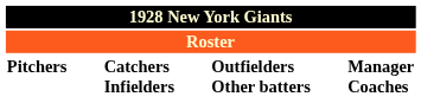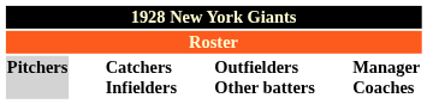 <table class="toccolours" style="font-size: 95%;">
 <tr>
 <th colspan="10" style="background-color: black; color: #FFFDD0; text-align: center;">1928 New York Giants</th>
 </tr>
 <tr>
 <td colspan="10" style="background-color: #fd5a1e; color: #FFFDD0; text-align: center;"><strong>Roster</strong></td>
 </tr>
 <tr>
-<td valign="top"><strong>Pitchers</strong><br>                  </td>
+<td valign="top" style="background: lightgrey;"><strong>Pitchers</strong><br>                  </td>
 <td width="25px"></td>
 <td valign="top"><strong>Catchers</strong><br>     <strong>Infielders</strong>       </td>
 <td width="25px"></td>
 <td valign="top"><strong>Outfielders</strong><br>             <strong>Other batters</strong>  </td>
 <td width="25px"></td>
 <td valign="top"><strong>Manager</strong><br> <strong>Coaches</strong> </td>
 </tr>
 </table>
